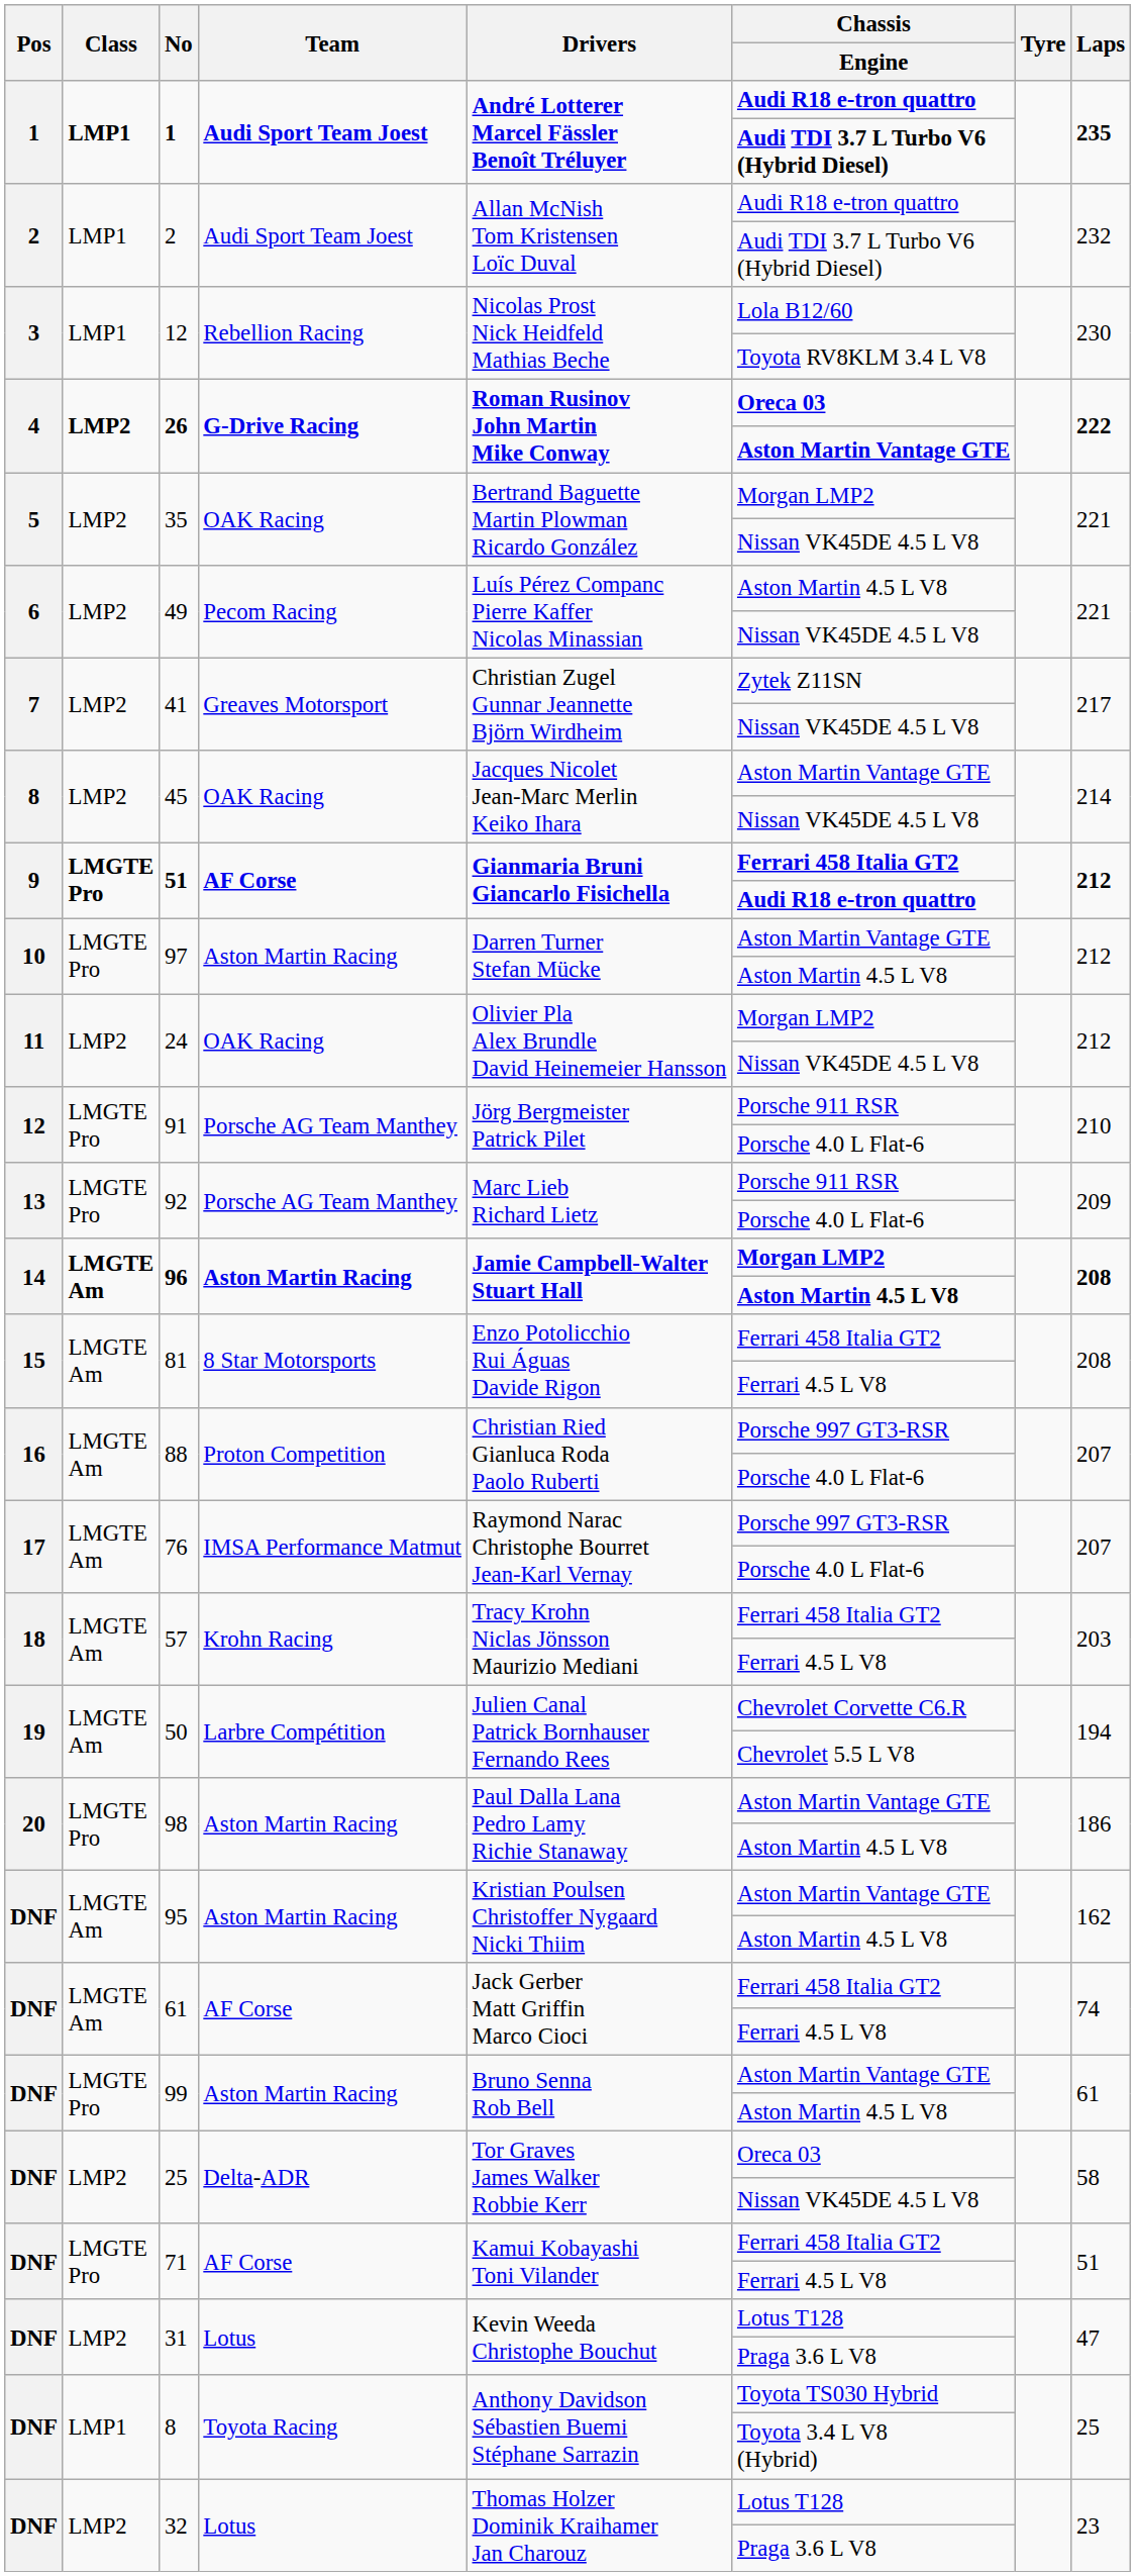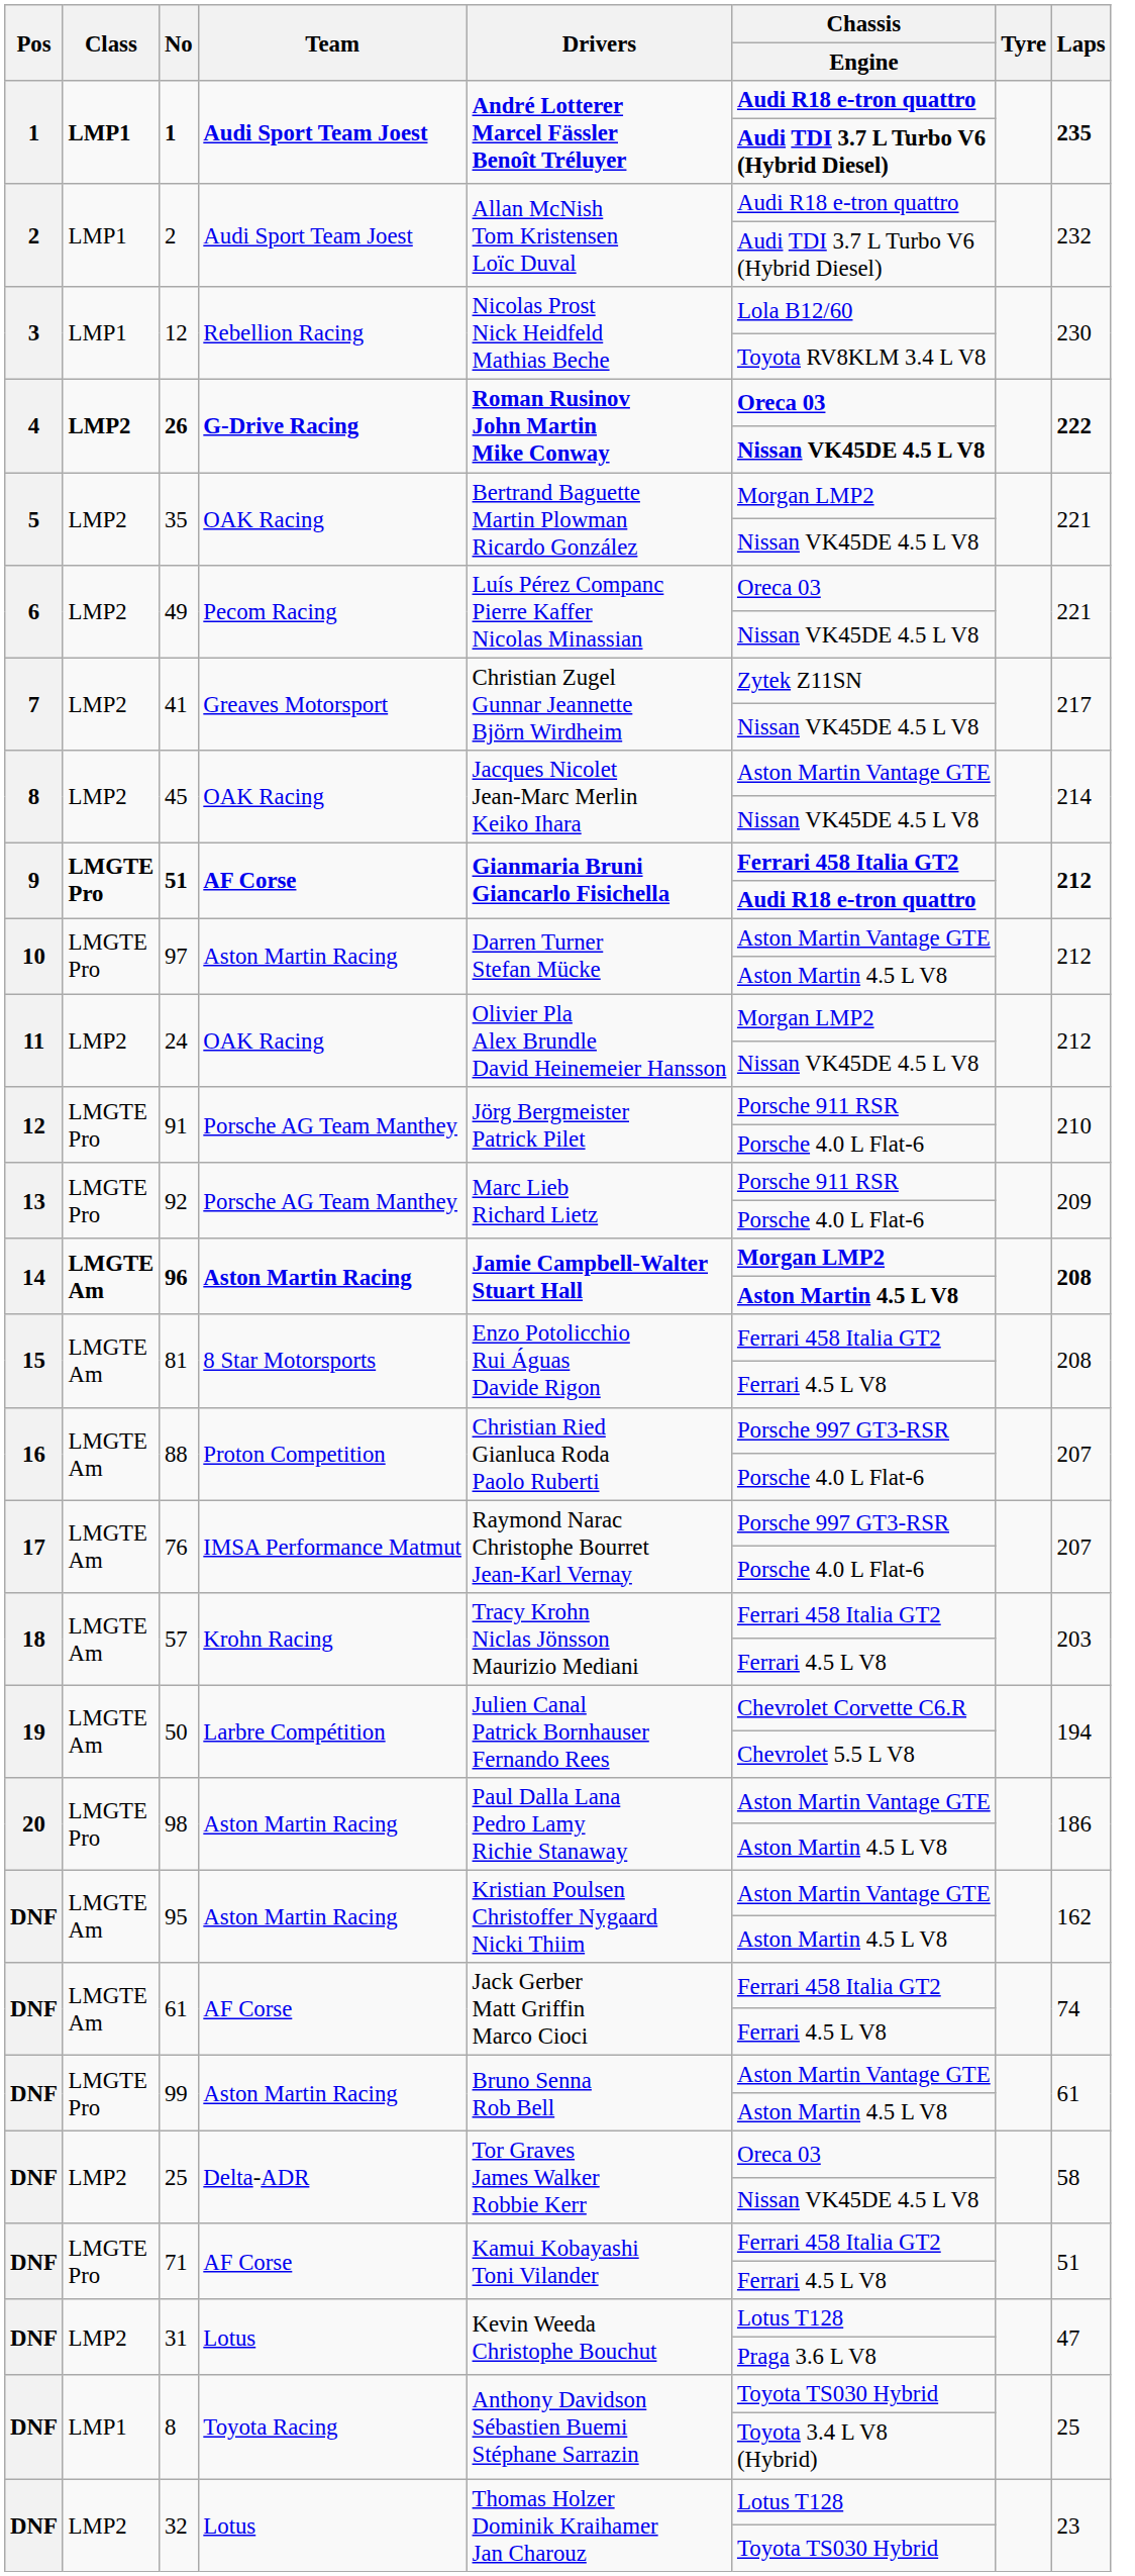 <table class="wikitable" style="font-size: 95%;">
 <tr>
 <th rowspan=2>Pos</th>
 <th rowspan=2>Class</th>
 <th rowspan=2>No</th>
 <th rowspan=2>Team</th>
 <th rowspan=2>Drivers</th>
 <th>Chassis</th>
 <th rowspan=2>Tyre</th>
 <th rowspan=2>Laps</th>
 </tr>
 <tr>
 <th>Engine</th>
 </tr>
 <tr style="font-weight:bold">
 <th rowspan=2>1</th>
 <td rowspan=2>LMP1</td>
 <td rowspan=2>1</td>
 <td rowspan=2> <a href='#'>Audi Sport Team Joest</a></td>
 <td rowspan=2> <a href='#'>André Lotterer</a><br> <a href='#'>Marcel Fässler</a><br> <a href='#'>Benoît Tréluyer</a></td>
 <td><a href='#'>Audi R18 e-tron quattro</a></td>
 <td rowspan=2></td>
 <td rowspan=2>235</td>
 </tr>
 <tr style="font-weight:bold">
 <td><a href='#'>Audi</a> <a href='#'>TDI</a> 3.7 L Turbo V6<br>(Hybrid Diesel)</td>
 </tr>
 <tr>
 <th rowspan=2>2</th>
 <td rowspan=2>LMP1</td>
 <td rowspan=2>2</td>
 <td rowspan=2> <a href='#'>Audi Sport Team Joest</a></td>
 <td rowspan=2> <a href='#'>Allan McNish</a><br> <a href='#'>Tom Kristensen</a><br> <a href='#'>Loïc Duval</a></td>
 <td><a href='#'>Audi R18 e-tron quattro</a></td>
 <td rowspan=2></td>
 <td rowspan=2>232</td>
 </tr>
 <tr>
 <td><a href='#'>Audi</a> <a href='#'>TDI</a> 3.7 L Turbo V6<br>(Hybrid Diesel)</td>
 </tr>
 <tr>
 <th rowspan=2>3</th>
 <td rowspan=2>LMP1</td>
 <td rowspan=2>12</td>
 <td rowspan=2> <a href='#'>Rebellion Racing</a></td>
 <td rowspan=2> <a href='#'>Nicolas Prost</a><br> <a href='#'>Nick Heidfeld</a><br> <a href='#'>Mathias Beche</a></td>
 <td><a href='#'>Lola B12/60</a></td>
 <td rowspan=2></td>
 <td rowspan=2>230</td>
 </tr>
 <tr>
 <td><a href='#'>Toyota</a> RV8KLM 3.4 L V8</td>
 </tr>
 <tr style="font-weight:bold">
 <th rowspan=2>4</th>
 <td rowspan=2>LMP2</td>
 <td rowspan=2>26</td>
 <td rowspan=2> <a href='#'>G-Drive Racing</a></td>
 <td rowspan=2> <a href='#'>Roman Rusinov</a><br> <a href='#'>John Martin</a><br> <a href='#'>Mike Conway</a></td>
 <td><a href='#'>Oreca 03</a></td>
 <td rowspan=2></td>
 <td rowspan=2>222</td>
 </tr>
 <tr style="font-weight:bold">
-<td><a href='#'>Aston Martin Vantage GTE</a></td>
+<td><a href='#'>Nissan</a> VK45DE 4.5 L V8</td>
 </tr>
 <tr>
 <th rowspan=2>5</th>
 <td rowspan=2>LMP2</td>
 <td rowspan=2>35</td>
 <td rowspan=2> <a href='#'>OAK Racing</a></td>
 <td rowspan=2> <a href='#'>Bertrand Baguette</a><br> <a href='#'>Martin Plowman</a><br> <a href='#'>Ricardo González</a></td>
 <td><a href='#'>Morgan LMP2</a></td>
 <td rowspan=2></td>
 <td rowspan=2>221</td>
 </tr>
 <tr>
 <td><a href='#'>Nissan</a> VK45DE 4.5 L V8</td>
 </tr>
 <tr>
 <th rowspan=2>6</th>
 <td rowspan=2>LMP2</td>
 <td rowspan=2>49</td>
 <td rowspan=2> <a href='#'>Pecom Racing</a></td>
 <td rowspan=2> <a href='#'>Luís Pérez Companc</a><br> <a href='#'>Pierre Kaffer</a><br> <a href='#'>Nicolas Minassian</a></td>
-<td><a href='#'>Aston Martin</a> 4.5 L V8</td>
+<td><a href='#'>Oreca 03</a></td>
 <td rowspan=2></td>
 <td rowspan=2>221</td>
 </tr>
 <tr>
 <td><a href='#'>Nissan</a> VK45DE 4.5 L V8</td>
 </tr>
 <tr>
 <th rowspan=2>7</th>
 <td rowspan=2>LMP2</td>
 <td rowspan=2>41</td>
 <td rowspan=2> <a href='#'>Greaves Motorsport</a></td>
 <td rowspan=2> Christian Zugel<br> <a href='#'>Gunnar Jeannette</a><br> <a href='#'>Björn Wirdheim</a></td>
 <td><a href='#'>Zytek</a> Z11SN</td>
 <td rowspan=2></td>
 <td rowspan=2>217</td>
 </tr>
 <tr>
 <td><a href='#'>Nissan</a> VK45DE 4.5 L V8</td>
 </tr>
 <tr>
 <th rowspan=2>8</th>
 <td rowspan=2>LMP2</td>
 <td rowspan=2>45</td>
 <td rowspan=2> <a href='#'>OAK Racing</a></td>
 <td rowspan=2> <a href='#'>Jacques Nicolet</a><br> Jean-Marc Merlin<br> <a href='#'>Keiko Ihara</a></td>
 <td><a href='#'>Aston Martin Vantage GTE</a></td>
 <td rowspan=2></td>
 <td rowspan=2>214</td>
 </tr>
 <tr>
 <td><a href='#'>Nissan</a> VK45DE 4.5 L V8</td>
 </tr>
 <tr style="font-weight:bold">
 <th rowspan=2>9</th>
 <td rowspan=2>LMGTE<br>Pro</td>
 <td rowspan=2>51</td>
 <td rowspan=2> <a href='#'>AF Corse</a></td>
 <td rowspan=2> <a href='#'>Gianmaria Bruni</a><br> <a href='#'>Giancarlo Fisichella</a></td>
 <td><a href='#'>Ferrari 458 Italia GT2</a></td>
 <td rowspan=2></td>
 <td rowspan=2>212</td>
 </tr>
 <tr style="font-weight:bold">
 <td><a href='#'>Audi R18 e-tron quattro</a></td>
 </tr>
 <tr>
 <th rowspan=2>10</th>
 <td rowspan=2>LMGTE<br>Pro</td>
 <td rowspan=2>97</td>
 <td rowspan=2> <a href='#'>Aston Martin Racing</a></td>
 <td rowspan=2> <a href='#'>Darren Turner</a><br> <a href='#'>Stefan Mücke</a></td>
 <td><a href='#'>Aston Martin Vantage GTE</a></td>
 <td rowspan=2></td>
 <td rowspan=2>212</td>
 </tr>
 <tr>
 <td><a href='#'>Aston Martin</a> 4.5 L V8</td>
 </tr>
 <tr>
 <th rowspan=2>11</th>
 <td rowspan=2>LMP2</td>
 <td rowspan=2>24</td>
 <td rowspan=2> <a href='#'>OAK Racing</a></td>
 <td rowspan=2> <a href='#'>Olivier Pla</a><br> <a href='#'>Alex Brundle</a><br> <a href='#'>David Heinemeier Hansson</a></td>
 <td><a href='#'>Morgan LMP2</a></td>
 <td rowspan=2></td>
 <td rowspan=2>212</td>
 </tr>
 <tr>
 <td><a href='#'>Nissan</a> VK45DE 4.5 L V8</td>
 </tr>
 <tr>
 <th rowspan=2>12</th>
 <td rowspan=2>LMGTE<br>Pro</td>
 <td rowspan=2>91</td>
 <td rowspan=2> <a href='#'>Porsche AG Team Manthey</a></td>
 <td rowspan=2> <a href='#'>Jörg Bergmeister</a><br> <a href='#'>Patrick Pilet</a></td>
 <td><a href='#'>Porsche 911 RSR</a></td>
 <td rowspan=2></td>
 <td rowspan=2>210</td>
 </tr>
 <tr>
 <td><a href='#'>Porsche</a> 4.0 L Flat-6</td>
 </tr>
 <tr>
 <th rowspan=2>13</th>
 <td rowspan=2>LMGTE<br>Pro</td>
 <td rowspan=2>92</td>
 <td rowspan=2> <a href='#'>Porsche AG Team Manthey</a></td>
 <td rowspan=2> <a href='#'>Marc Lieb</a><br> <a href='#'>Richard Lietz</a></td>
 <td><a href='#'>Porsche 911 RSR</a></td>
 <td rowspan=2></td>
 <td rowspan=2>209</td>
 </tr>
 <tr>
 <td><a href='#'>Porsche</a> 4.0 L Flat-6</td>
 </tr>
 <tr style="font-weight:bold">
 <th rowspan=2>14</th>
 <td rowspan=2>LMGTE<br>Am</td>
 <td rowspan=2>96</td>
 <td rowspan=2> <a href='#'>Aston Martin Racing</a></td>
 <td rowspan=2> <a href='#'>Jamie Campbell-Walter</a><br> <a href='#'>Stuart Hall</a></td>
 <td><a href='#'>Morgan LMP2</a></td>
 <td rowspan=2></td>
 <td rowspan=2>208</td>
 </tr>
 <tr style="font-weight:bold">
 <td><a href='#'>Aston Martin</a> 4.5 L V8</td>
 </tr>
 <tr>
 <th rowspan=2>15</th>
 <td rowspan=2>LMGTE<br>Am</td>
 <td rowspan=2>81</td>
 <td rowspan=2> <a href='#'>8 Star Motorsports</a></td>
 <td rowspan=2> <a href='#'>Enzo Potolicchio</a><br> <a href='#'>Rui Águas</a><br> <a href='#'>Davide Rigon</a></td>
 <td><a href='#'>Ferrari 458 Italia GT2</a></td>
 <td rowspan=2></td>
 <td rowspan=2>208</td>
 </tr>
 <tr>
 <td><a href='#'>Ferrari</a> 4.5 L V8</td>
 </tr>
 <tr>
 <th rowspan=2>16</th>
 <td rowspan=2>LMGTE<br>Am</td>
 <td rowspan=2>88</td>
 <td rowspan=2> <a href='#'>Proton Competition</a></td>
 <td rowspan=2> <a href='#'>Christian Ried</a><br> Gianluca Roda<br> <a href='#'>Paolo Ruberti</a></td>
 <td><a href='#'>Porsche 997 GT3-RSR</a></td>
 <td rowspan=2></td>
 <td rowspan=2>207</td>
 </tr>
 <tr>
 <td><a href='#'>Porsche</a> 4.0 L Flat-6</td>
 </tr>
 <tr>
 <th rowspan=2>17</th>
 <td rowspan=2>LMGTE<br>Am</td>
 <td rowspan=2>76</td>
 <td rowspan=2> <a href='#'>IMSA Performance Matmut</a></td>
 <td rowspan=2> Raymond Narac<br> Christophe Bourret<br> <a href='#'>Jean-Karl Vernay</a></td>
 <td><a href='#'>Porsche 997 GT3-RSR</a></td>
 <td rowspan=2></td>
 <td rowspan=2>207</td>
 </tr>
 <tr>
 <td><a href='#'>Porsche</a> 4.0 L Flat-6</td>
 </tr>
 <tr>
 <th rowspan=2>18</th>
 <td rowspan=2>LMGTE<br>Am</td>
 <td rowspan=2>57</td>
 <td rowspan=2> <a href='#'>Krohn Racing</a></td>
 <td rowspan=2> <a href='#'>Tracy Krohn</a><br> <a href='#'>Niclas Jönsson</a><br> Maurizio Mediani</td>
 <td><a href='#'>Ferrari 458 Italia GT2</a></td>
 <td rowspan=2></td>
 <td rowspan=2>203</td>
 </tr>
 <tr>
 <td><a href='#'>Ferrari</a> 4.5 L V8</td>
 </tr>
 <tr>
 <th rowspan=2>19</th>
 <td rowspan=2>LMGTE<br>Am</td>
 <td rowspan=2>50</td>
 <td rowspan=2> <a href='#'>Larbre Compétition</a></td>
 <td rowspan=2> <a href='#'>Julien Canal</a><br> <a href='#'>Patrick Bornhauser</a><br> <a href='#'>Fernando Rees</a></td>
 <td><a href='#'>Chevrolet Corvette C6.R</a></td>
 <td rowspan=2></td>
 <td rowspan=2>194</td>
 </tr>
 <tr>
 <td><a href='#'>Chevrolet</a> 5.5 L V8</td>
 </tr>
 <tr>
 <th rowspan=2>20</th>
 <td rowspan=2>LMGTE<br>Pro</td>
 <td rowspan=2>98</td>
 <td rowspan=2> <a href='#'>Aston Martin Racing</a></td>
 <td rowspan=2> <a href='#'>Paul Dalla Lana</a><br> <a href='#'>Pedro Lamy</a><br> <a href='#'>Richie Stanaway</a></td>
 <td><a href='#'>Aston Martin Vantage GTE</a></td>
 <td rowspan=2></td>
 <td rowspan=2>186</td>
 </tr>
 <tr>
 <td><a href='#'>Aston Martin</a> 4.5 L V8</td>
 </tr>
 <tr>
 <th rowspan=2>DNF</th>
 <td rowspan=2>LMGTE<br>Am</td>
 <td rowspan=2>95</td>
 <td rowspan=2> <a href='#'>Aston Martin Racing</a></td>
 <td rowspan=2> <a href='#'>Kristian Poulsen</a><br> <a href='#'>Christoffer Nygaard</a><br> <a href='#'>Nicki Thiim</a></td>
 <td><a href='#'>Aston Martin Vantage GTE</a></td>
 <td rowspan=2></td>
 <td rowspan=2>162</td>
 </tr>
 <tr>
 <td><a href='#'>Aston Martin</a> 4.5 L V8</td>
 </tr>
 <tr>
 <th rowspan=2>DNF</th>
 <td rowspan=2>LMGTE<br>Am</td>
 <td rowspan=2>61</td>
 <td rowspan=2> <a href='#'>AF Corse</a></td>
 <td rowspan=2> Jack Gerber<br> Matt Griffin<br> Marco Cioci</td>
 <td><a href='#'>Ferrari 458 Italia GT2</a></td>
 <td rowspan=2></td>
 <td rowspan=2>74</td>
 </tr>
 <tr>
 <td><a href='#'>Ferrari</a> 4.5 L V8</td>
 </tr>
 <tr>
 <th rowspan=2>DNF</th>
 <td rowspan=2>LMGTE<br>Pro</td>
 <td rowspan=2>99</td>
 <td rowspan=2> <a href='#'>Aston Martin Racing</a></td>
 <td rowspan=2> <a href='#'>Bruno Senna</a><br> <a href='#'>Rob Bell</a></td>
 <td><a href='#'>Aston Martin Vantage GTE</a></td>
 <td rowspan=2></td>
 <td rowspan=2>61</td>
 </tr>
 <tr>
 <td><a href='#'>Aston Martin</a> 4.5 L V8</td>
 </tr>
 <tr>
 <th rowspan=2>DNF</th>
 <td rowspan=2>LMP2</td>
 <td rowspan=2>25</td>
 <td rowspan=2> <a href='#'>Delta</a>-<a href='#'>ADR</a></td>
 <td rowspan=2> <a href='#'>Tor Graves</a><br> <a href='#'>James Walker</a><br> <a href='#'>Robbie Kerr</a></td>
 <td><a href='#'>Oreca 03</a></td>
 <td rowspan=2></td>
 <td rowspan=2>58</td>
 </tr>
 <tr>
 <td><a href='#'>Nissan</a> VK45DE 4.5 L V8</td>
 </tr>
 <tr>
 <th rowspan=2>DNF</th>
 <td rowspan=2>LMGTE<br>Pro</td>
 <td rowspan=2>71</td>
 <td rowspan=2> <a href='#'>AF Corse</a></td>
 <td rowspan=2> <a href='#'>Kamui Kobayashi</a><br> <a href='#'>Toni Vilander</a></td>
 <td><a href='#'>Ferrari 458 Italia GT2</a></td>
 <td rowspan=2></td>
 <td rowspan=2>51</td>
 </tr>
 <tr>
 <td><a href='#'>Ferrari</a> 4.5 L V8</td>
 </tr>
 <tr>
 <th rowspan=2>DNF</th>
 <td rowspan=2>LMP2</td>
 <td rowspan=2>31</td>
 <td rowspan=2> <a href='#'>Lotus</a></td>
 <td rowspan=2> Kevin Weeda<br> <a href='#'>Christophe Bouchut</a></td>
 <td><a href='#'>Lotus T128</a></td>
 <td rowspan=2></td>
 <td rowspan=2>47</td>
 </tr>
 <tr>
 <td><a href='#'>Praga</a> 3.6 L V8</td>
 </tr>
 <tr>
 <th rowspan=2>DNF</th>
 <td rowspan=2>LMP1</td>
 <td rowspan=2>8</td>
 <td rowspan=2> <a href='#'>Toyota Racing</a></td>
 <td rowspan=2> <a href='#'>Anthony Davidson</a><br> <a href='#'>Sébastien Buemi</a><br> <a href='#'>Stéphane Sarrazin</a></td>
 <td><a href='#'>Toyota TS030 Hybrid</a></td>
 <td rowspan=2></td>
 <td rowspan=2>25</td>
 </tr>
 <tr>
 <td><a href='#'>Toyota</a> 3.4 L V8<br>(Hybrid)</td>
 </tr>
 <tr>
 <th rowspan=2>DNF</th>
 <td rowspan=2>LMP2</td>
 <td rowspan=2>32</td>
 <td rowspan=2> <a href='#'>Lotus</a></td>
 <td rowspan=2> <a href='#'>Thomas Holzer</a><br> <a href='#'>Dominik Kraihamer</a><br> <a href='#'>Jan Charouz</a></td>
 <td><a href='#'>Lotus T128</a></td>
 <td rowspan=2></td>
 <td rowspan=2>23</td>
 </tr>
 <tr>
-<td><a href='#'>Praga</a> 3.6 L V8</td>
+<td><a href='#'>Toyota TS030 Hybrid</a></td>
 </tr>
 </table>
